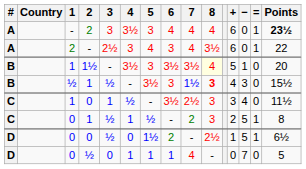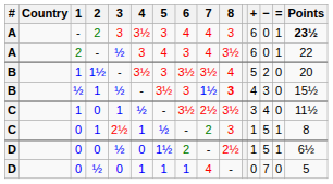 <table class="wikitable" style="text-align:center">
 <tr>
 <th>#</th>
 <th>Country</th>
 <th>1</th>
 <th>2</th>
 <th>3</th>
 <th>4</th>
 <th>5</th>
 <th>6</th>
 <th>7</th>
 <th>8</th>
 <th></th>
 <th>+</th>
 <th>−</th>
 <th>=</th>
 <th>Points</th>
 </tr>
 <tr>
 <th>A</th>
 <td style="text-align: left"></td>
 <td>-</td>
 <td style="color:green;">2</td>
 <td style="color:red;">3</td>
 <td style="color:red;">3½</td>
 <td style="color:red;">3</td>
 <td style="color:red;">4</td>
 <td style="color:red;">4</td>
-<td style="color:red;">4</td>
+<td style="color:red;">3</td>
 <th></th>
 <td>6</td>
 <td>0</td>
 <td>1</td>
 <td><strong>23½ </strong></td>
 </tr>
 <tr>
 <th>A</th>
 <td style="text-align: left"></td>
 <td style="color:green;">2</td>
 <td>-</td>
-<td style="color:red;">2½</td>
+<td style="color:blue;">½</td>
 <td style="color:red;">3</td>
 <td style="color:red;">4</td>
 <td style="color:red;">3</td>
 <td style="color:red;">4</td>
 <td style="color:red;">3½</td>
 <th></th>
 <td>6</td>
 <td>0</td>
 <td>1</td>
 <td>22</td>
 </tr>
 <tr style="border-top:2px solid grey;">
 <th>B</th>
 <td style="text-align: left"></td>
 <td style="color:blue;">1</td>
 <td style="color:blue;">1½</td>
 <td>-</td>
 <td style="color:red;">3½</td>
 <td style="color:red;">3</td>
 <td style="color:red;">3½</td>
 <td style="color:red;">3½</td>
-<td style="background: lightyellow; color:red;">4</td>
+<td style="color:red;">4</td>
 <th></th>
 <td>5</td>
-<td>1</td>
+<td>2</td>
 <td>0</td>
 <td>20</td>
 </tr>
 <tr>
 <th>B</th>
 <td style="text-align: left"></td>
 <td style="color:blue;">½</td>
 <td style="color:blue;">1</td>
 <td style="color:blue;">½</td>
 <td>-</td>
 <td style="color:red;">3½</td>
 <td style="color:red;">3</td>
 <td style="color:blue;">1½</td>
 <td style="color:red;"><strong>3</strong></td>
 <th></th>
 <td>4</td>
 <td>3</td>
 <td>0</td>
 <td>15½</td>
 </tr>
 <tr style="border-top:2px solid grey;">
 <th>C</th>
 <td style="text-align: left"></td>
 <td style="color:blue;">1</td>
 <td style="color:blue;">0</td>
 <td style="color:blue;">1</td>
 <td style="color:blue;">½</td>
 <td>-</td>
 <td style="color:red;">3½</td>
 <td style="color:red;">2½</td>
-<td style="color:red;">3</td>
+<td style="color:red;">3½</td>
 <th></th>
 <td>3</td>
 <td>4</td>
 <td>0</td>
 <td>11½</td>
 </tr>
 <tr>
 <th>C</th>
 <td style="text-align: left"></td>
 <td style="color:blue;">0</td>
 <td style="color:blue;">1</td>
-<td style="color:blue;">½</td>
+<td style="color:red;">2½</td>
 <td style="color:blue;">1</td>
 <td style="color:blue;">½</td>
 <td>-</td>
 <td style="color:green;">2</td>
 <td style="color:red;">3</td>
 <th></th>
-<td>2</td>
+<td>1</td>
 <td>5</td>
 <td>1</td>
 <td>8</td>
 </tr>
 <tr style="border-top:2px solid grey;">
 <th>D</th>
 <td style="text-align: left"></td>
 <td style="color:blue;">0</td>
 <td style="color:blue;">0</td>
 <td style="color:blue;">½</td>
 <td style="color:blue;">0</td>
 <td style="color:blue;">1½</td>
 <td style="color:green;">2</td>
 <td>-</td>
 <td style="color:red;">2½</td>
 <th></th>
 <td>1</td>
 <td>5</td>
 <td>1</td>
 <td>6½</td>
 </tr>
 <tr>
 <th>D</th>
 <td style="text-align: left"></td>
 <td style="color:blue;">0</td>
 <td style="color:blue;">½</td>
 <td style="color:blue;">0</td>
 <td style="color:blue;">1</td>
 <td style="color:blue;">1</td>
 <td style="color:blue;">1</td>
 <td style="color:red;">4</td>
 <td>-</td>
 <th></th>
 <td>0</td>
 <td>7</td>
 <td>0</td>
 <td>5</td>
 </tr>
 </table>
